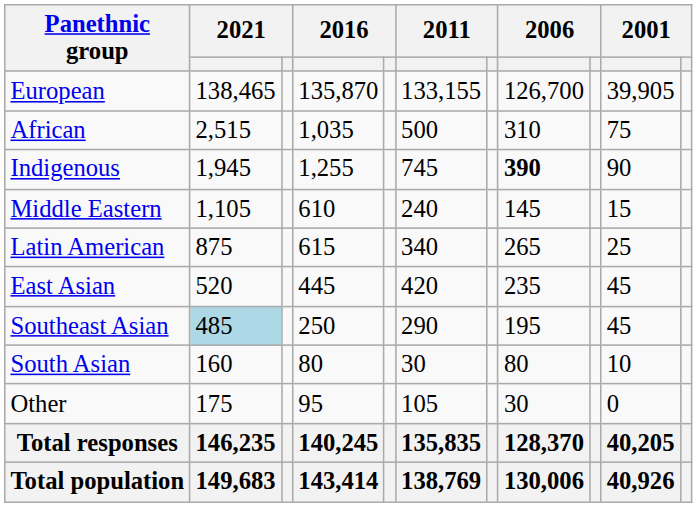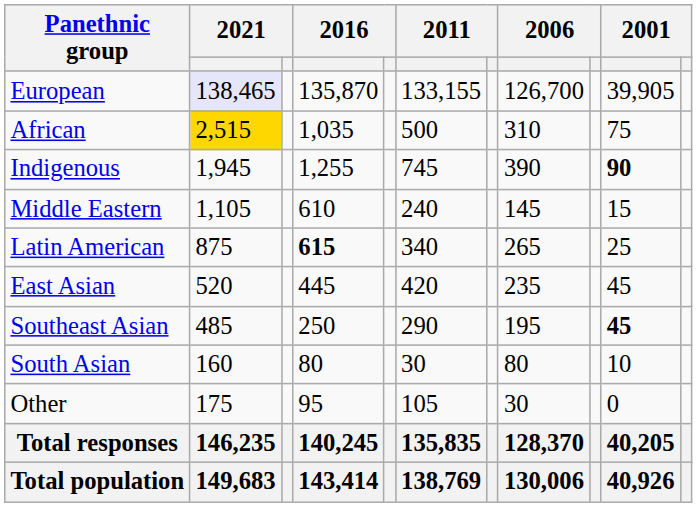 <table class="wikitable collapsible sortable">
 <tr>
 <th rowspan="2"><a href='#'>Panethnic</a><br>group</th>
 <th colspan="2">2021</th>
 <th colspan="2">2016</th>
 <th colspan="2">2011</th>
 <th colspan="2">2006</th>
 <th colspan="2">2001</th>
 </tr>
 <tr>
 <th><a href='#'></a></th>
 <th></th>
 <th></th>
 <th></th>
 <th></th>
 <th></th>
 <th></th>
 <th></th>
 <th></th>
 <th></th>
 </tr>
 <tr>
 <td><a href='#'>European</a></td>
-<td>138,465</td>
+<td style="background: lavender;">138,465</td>
 <td></td>
 <td>135,870</td>
 <td></td>
 <td>133,155</td>
 <td></td>
 <td>126,700</td>
 <td></td>
 <td>39,905</td>
 <td></td>
 </tr>
 <tr>
 <td><a href='#'>African</a></td>
-<td>2,515</td>
+<td style="background: gold;">2,515</td>
 <td></td>
 <td>1,035</td>
 <td></td>
 <td>500</td>
 <td></td>
 <td>310</td>
 <td></td>
 <td>75</td>
 <td></td>
 </tr>
 <tr>
 <td><a href='#'>Indigenous</a></td>
 <td>1,945</td>
 <td></td>
 <td>1,255</td>
 <td></td>
 <td>745</td>
 <td></td>
-<td><strong>390</strong></td>
+<td>390</td>
 <td></td>
-<td>90</td>
+<td><strong>90</strong></td>
 <td></td>
 </tr>
 <tr>
 <td><a href='#'>Middle Eastern</a></td>
 <td>1,105</td>
 <td></td>
 <td>610</td>
 <td></td>
 <td>240</td>
 <td></td>
 <td>145</td>
 <td></td>
 <td>15</td>
 <td></td>
 </tr>
 <tr>
 <td><a href='#'>Latin American</a></td>
 <td>875</td>
 <td></td>
-<td>615</td>
+<td><strong>615</strong></td>
 <td></td>
 <td>340</td>
 <td></td>
 <td>265</td>
 <td></td>
 <td>25</td>
 <td></td>
 </tr>
 <tr>
 <td><a href='#'>East Asian</a></td>
 <td>520</td>
 <td></td>
 <td>445</td>
 <td></td>
 <td>420</td>
 <td></td>
 <td>235</td>
 <td></td>
 <td>45</td>
 <td></td>
 </tr>
 <tr>
 <td><a href='#'>Southeast Asian</a></td>
-<td style="background: lightblue;">485</td>
+<td>485</td>
 <td></td>
 <td>250</td>
 <td></td>
 <td>290</td>
 <td></td>
 <td>195</td>
 <td></td>
-<td>45</td>
+<td><strong>45</strong></td>
 <td></td>
 </tr>
 <tr>
 <td><a href='#'>South Asian</a></td>
 <td>160</td>
 <td></td>
 <td>80</td>
 <td></td>
 <td>30</td>
 <td></td>
 <td>80</td>
 <td></td>
 <td>10</td>
 <td></td>
 </tr>
 <tr>
 <td>Other</td>
 <td>175</td>
 <td></td>
 <td>95</td>
 <td></td>
 <td>105</td>
 <td></td>
 <td>30</td>
 <td></td>
 <td>0</td>
 <td></td>
 </tr>
 <tr>
 <th>Total responses</th>
 <th>146,235</th>
 <th></th>
 <th>140,245</th>
 <th></th>
 <th>135,835</th>
 <th></th>
 <th>128,370</th>
 <th></th>
 <th>40,205</th>
 <th></th>
 </tr>
 <tr>
 <th>Total population</th>
 <th>149,683</th>
 <th></th>
 <th>143,414</th>
 <th></th>
 <th>138,769</th>
 <th></th>
 <th>130,006</th>
 <th></th>
 <th>40,926</th>
 <th></th>
 </tr>
 </table>
